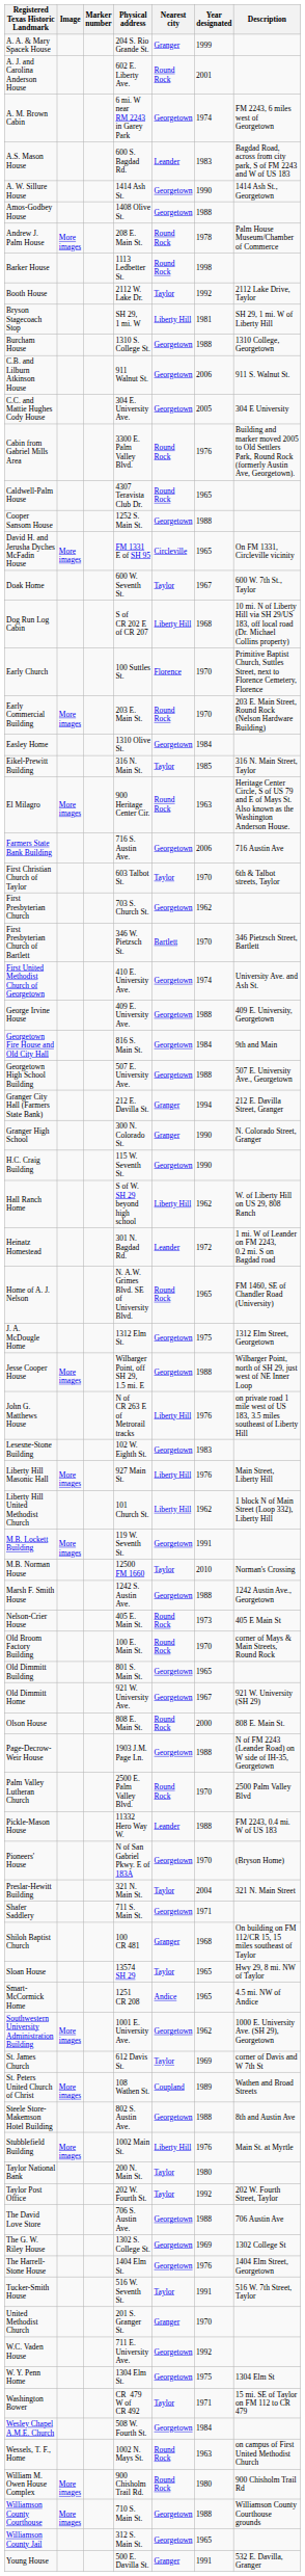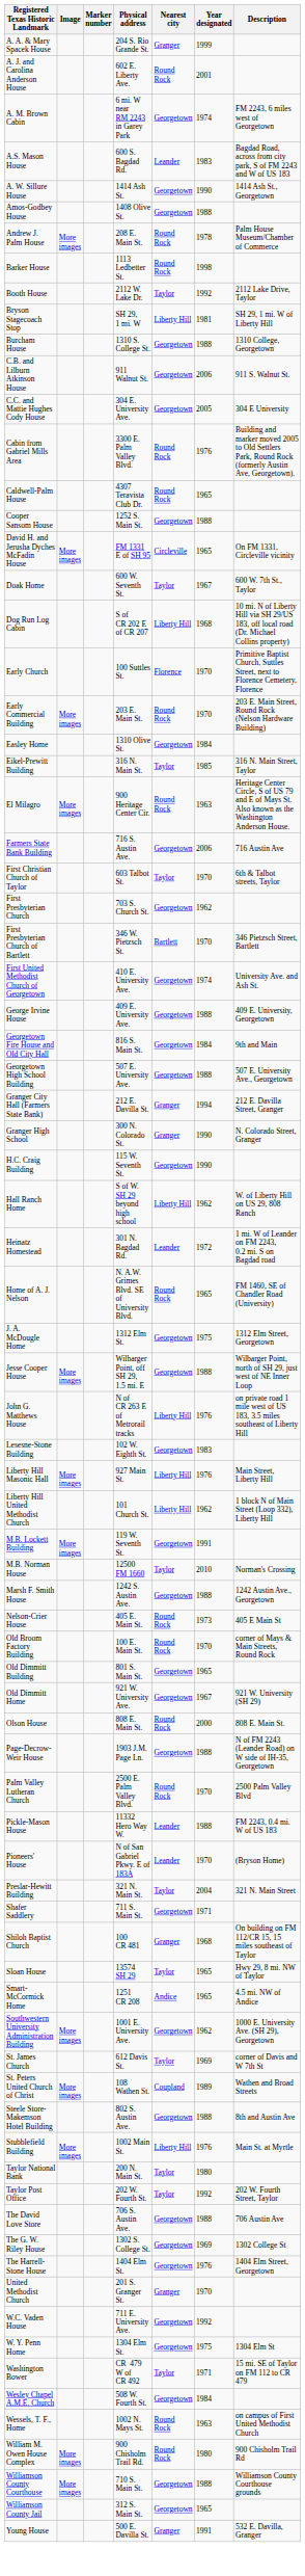 <table class="wikitable sortable">
 <tr>
 <th>Registered Texas Historic Landmark</th>
 <th>Image</th>
 <th>Marker number</th>
 <th>Physical address</th>
 <th>Nearest city</th>
 <th>Year designated</th>
 <th>Description</th>
 </tr>
 <tr>
 <td>A. A. & Mary Spacek House</td>
 <td></td>
 <td></td>
 <td>204 S. Rio Grande St.<br></td>
 <td><a href='#'>Granger</a></td>
 <td>1999</td>
 <td></td>
 </tr>
 <tr>
 <td>A. J. and Carolina Anderson House</td>
 <td></td>
 <td></td>
 <td>602 E. Liberty Ave.<br></td>
 <td><a href='#'>Round Rock</a></td>
 <td>2001</td>
 <td></td>
 </tr>
 <tr>
 <td>A. M. Brown Cabin</td>
 <td></td>
 <td></td>
 <td>6 mi. W near <a href='#'>RM 2243</a> in Garey Park </td>
 <td><a href='#'>Georgetown</a></td>
 <td>1974</td>
 <td>FM 2243, 6 miles west of Georgetown</td>
 </tr>
 <tr>
 <td>A.S. Mason House</td>
 <td></td>
 <td></td>
 <td>600 S. Bagdad Rd.<br></td>
 <td><a href='#'>Leander</a></td>
 <td>1983</td>
 <td>Bagdad Road, across from city park, S of FM 2243 and W of US 183</td>
 </tr>
 <tr>
 <td>A. W. Sillure House</td>
 <td></td>
 <td></td>
 <td>1414 Ash St.<br></td>
 <td><a href='#'>Georgetown</a></td>
 <td>1990</td>
 <td>1414 Ash St., Georgetown</td>
 </tr>
 <tr>
 <td>Amos-Godbey House</td>
 <td></td>
 <td></td>
 <td>1408 Olive St.<br></td>
 <td><a href='#'>Georgetown</a></td>
 <td>1988</td>
 <td></td>
 </tr>
 <tr>
 <td>Andrew J. Palm House</td>
 <td><br> <a href='#'>More images</a></td>
 <td></td>
 <td>208 E. Main St.<br></td>
 <td><a href='#'>Round Rock</a></td>
 <td>1978</td>
 <td>Palm House Museum/Chamber of Commerce</td>
 </tr>
 <tr>
 <td>Barker House</td>
 <td></td>
 <td></td>
 <td>1113 Ledbetter St.<br></td>
 <td><a href='#'>Round Rock</a></td>
 <td>1998</td>
 <td></td>
 </tr>
 <tr>
 <td>Booth House</td>
 <td></td>
 <td></td>
 <td>2112 W. Lake Dr.<br></td>
 <td><a href='#'>Taylor</a></td>
 <td>1992</td>
 <td>2112 Lake Drive, Taylor</td>
 </tr>
 <tr>
 <td>Bryson Stagecoach Stop</td>
 <td></td>
 <td></td>
 <td>SH 29, 1 mi. W<br></td>
 <td><a href='#'>Liberty Hill</a></td>
 <td>1981</td>
 <td>SH 29, 1 mi. W of Liberty Hill</td>
 </tr>
 <tr>
 <td>Burcham House</td>
 <td></td>
 <td></td>
 <td>1310 S. College St.<br></td>
 <td><a href='#'>Georgetown</a></td>
 <td>1988</td>
 <td>1310 College, Georgetown</td>
 </tr>
 <tr>
 <td>C.B. and Lilburn Atkinson House</td>
 <td></td>
 <td></td>
 <td>911 Walnut St.<br></td>
 <td><a href='#'>Georgetown</a></td>
 <td>2006</td>
 <td>911 S. Walnut St.</td>
 </tr>
 <tr>
 <td>C.C. and Mattie Hughes Cody House</td>
 <td></td>
 <td></td>
 <td>304 E. University Ave.<br></td>
 <td><a href='#'>Georgetown</a></td>
 <td>2005</td>
 <td>304 E University</td>
 </tr>
 <tr>
 <td>Cabin from Gabriel Mills Area</td>
 <td></td>
 <td></td>
 <td>3300 E. Palm Valley Blvd.<br></td>
 <td><a href='#'>Round Rock</a></td>
 <td>1976</td>
 <td>Building and marker moved 2005 to Old Settlers Park, Round Rock (formerly Austin Ave, Georgetown).</td>
 </tr>
 <tr>
 <td>Caldwell-Palm House</td>
 <td></td>
 <td></td>
 <td>4307 Teravista Club Dr. <br></td>
 <td><a href='#'>Round Rock</a></td>
 <td>1965</td>
 <td></td>
 </tr>
 <tr>
 <td>Cooper Sansom House</td>
 <td></td>
 <td></td>
 <td>1252 S. Main St.<br></td>
 <td><a href='#'>Georgetown</a></td>
 <td>1988</td>
 <td></td>
 </tr>
 <tr>
 <td>David H. and Jerusha Dyches McFadin House</td>
 <td><br> <a href='#'>More images</a></td>
 <td></td>
 <td><a href='#'>FM 1331</a> E of <a href='#'>SH 95</a><br></td>
 <td><a href='#'>Circleville</a></td>
 <td>1965</td>
 <td>On FM 1331, Circleville vicinity</td>
 </tr>
 <tr>
 <td>Doak Home</td>
 <td></td>
 <td></td>
 <td>600 W. Seventh St.<br></td>
 <td><a href='#'>Taylor</a></td>
 <td>1967</td>
 <td>600 W. 7th St., Taylor</td>
 </tr>
 <tr>
 <td>Dog Run Log Cabin</td>
 <td></td>
 <td></td>
 <td>S of CR 202 E of CR 207<br></td>
 <td><a href='#'>Liberty Hill</a></td>
 <td>1968</td>
 <td>10 mi. N of Liberty Hill via SH 29/US 183, off local road (Dr. Michael Collins property)</td>
 </tr>
 <tr>
 <td>Early Church</td>
 <td></td>
 <td></td>
 <td>100 Suttles St.<br></td>
 <td><a href='#'>Florence</a></td>
 <td>1970</td>
 <td>Primitive Baptist Church, Suttles Street, next to Florence Cemetery, Florence</td>
 </tr>
 <tr>
 <td>Early Commercial Building</td>
 <td><br> <a href='#'>More images</a></td>
 <td></td>
 <td>203 E. Main St.<br></td>
 <td><a href='#'>Round Rock</a></td>
 <td>1970</td>
 <td>203 E. Main Street, Round Rock (Nelson Hardware Building)</td>
 </tr>
 <tr>
 <td>Easley Home</td>
 <td></td>
 <td></td>
 <td>1310 Olive St.<br></td>
 <td><a href='#'>Georgetown</a></td>
 <td>1984</td>
 <td></td>
 </tr>
 <tr>
 <td>Eikel-Prewitt Building</td>
 <td></td>
 <td></td>
 <td>316 N. Main St.<br></td>
 <td><a href='#'>Taylor</a></td>
 <td>1985</td>
 <td>316 N. Main Street, Taylor</td>
 </tr>
 <tr>
 <td>El Milagro</td>
 <td><br> <a href='#'>More images</a></td>
 <td></td>
 <td>900 Heritage Center Cir. <br></td>
 <td><a href='#'>Round Rock</a></td>
 <td>1963</td>
 <td>Heritage Center Circle, S of US 79 and E of Mays St. Also known as the Washington Anderson House.</td>
 </tr>
 <tr>
 <td><a href='#'>Farmers State Bank Building</a></td>
 <td></td>
 <td></td>
 <td>716 S. Austin Ave.<br></td>
 <td><a href='#'>Georgetown</a></td>
 <td>2006</td>
 <td>716 Austin Ave</td>
 </tr>
 <tr>
 <td>First Christian Church of Taylor</td>
 <td></td>
 <td></td>
 <td>603 Talbot St.<br></td>
 <td><a href='#'>Taylor</a></td>
 <td>1970</td>
 <td>6th & Talbot streets, Taylor</td>
 </tr>
 <tr>
 <td>First Presbyterian Church</td>
 <td></td>
 <td></td>
 <td>703 S. Church St.<br></td>
 <td><a href='#'>Georgetown</a></td>
 <td>1962</td>
 <td></td>
 </tr>
 <tr>
 <td>First Presbyterian Church of Bartlett</td>
 <td></td>
 <td></td>
 <td>346 W. Pietzsch St.<br></td>
 <td><a href='#'>Bartlett</a></td>
 <td>1970</td>
 <td>346 Pietzsch Street, Bartlett</td>
 </tr>
 <tr>
 <td><a href='#'>First United Methodist Church of Georgetown</a></td>
 <td></td>
 <td></td>
 <td>410 E. University Ave.<br></td>
 <td><a href='#'>Georgetown</a></td>
 <td>1974</td>
 <td>University Ave. and Ash St.</td>
 </tr>
 <tr>
 <td>George Irvine House</td>
 <td></td>
 <td></td>
 <td>409 E. University Ave.<br></td>
 <td><a href='#'>Georgetown</a></td>
 <td>1988</td>
 <td>409 E. University, Georgetown</td>
 </tr>
 <tr>
 <td><a href='#'>Georgetown Fire House and Old City Hall</a></td>
 <td></td>
 <td></td>
 <td>816 S. Main St.<br></td>
 <td><a href='#'>Georgetown</a></td>
 <td>1984</td>
 <td>9th and Main</td>
 </tr>
 <tr>
 <td>Georgetown High School Building</td>
 <td></td>
 <td></td>
 <td>507 E. University Ave.<br></td>
 <td><a href='#'>Georgetown</a></td>
 <td>1988</td>
 <td>507 E. University Ave., Georgetown</td>
 </tr>
 <tr>
 <td>Granger City Hall (Farmers State Bank)</td>
 <td></td>
 <td></td>
 <td>212 E. Davilla St.<br></td>
 <td><a href='#'>Granger</a></td>
 <td>1994</td>
 <td>212 E. Davilla Street, Granger</td>
 </tr>
 <tr>
 <td>Granger High School</td>
 <td></td>
 <td></td>
 <td>300 N. Colorado St.<br></td>
 <td><a href='#'>Granger</a></td>
 <td>1990</td>
 <td>N. Colorado Street, Granger</td>
 </tr>
 <tr>
 <td>H.C. Craig Building</td>
 <td></td>
 <td></td>
 <td>115 W. Seventh St.<br></td>
 <td><a href='#'>Georgetown</a></td>
 <td>1990</td>
 <td></td>
 </tr>
 <tr>
 <td>Hall Ranch Home</td>
 <td></td>
 <td></td>
 <td>S of W. <a href='#'>SH 29</a> beyond high school<br></td>
 <td><a href='#'>Liberty Hill</a></td>
 <td>1962</td>
 <td>W. of Liberty Hill on US 29, 808 Ranch</td>
 </tr>
 <tr>
 <td>Heinatz Homestead</td>
 <td></td>
 <td></td>
 <td>301 N. Bagdad Rd.<br></td>
 <td><a href='#'>Leander</a></td>
 <td>1972</td>
 <td>1 mi. W of Leander on FM 2243, 0.2 mi. S on Bagdad road</td>
 </tr>
 <tr>
 <td>Home of A. J. Nelson</td>
 <td></td>
 <td></td>
 <td>N. A.W. Grimes Blvd. SE of University Blvd.<br></td>
 <td><a href='#'>Round Rock</a></td>
 <td>1965</td>
 <td>FM 1460, SE of Chandler Road (University)</td>
 </tr>
 <tr>
 <td>J. A. McDougle Home</td>
 <td></td>
 <td></td>
 <td>1312 Elm St.<br></td>
 <td><a href='#'>Georgetown</a></td>
 <td>1975</td>
 <td>1312 Elm Street, Georgetown</td>
 </tr>
 <tr>
 <td>Jesse Cooper House</td>
 <td><br> <a href='#'>More images</a></td>
 <td></td>
 <td>Wilbarger Point, off SH 29, 1.5 mi. E<br></td>
 <td><a href='#'>Georgetown</a></td>
 <td>1988</td>
 <td>Wilbarger Point, north of SH 29, just west of NE Inner Loop</td>
 </tr>
 <tr>
 <td>John G. Matthews House</td>
 <td></td>
 <td></td>
 <td>N of CR 263 E of Metrorail tracks<br></td>
 <td><a href='#'>Liberty Hill</a></td>
 <td>1976</td>
 <td>on private road 1 mile west of US 183, 3.5 miles southeast of Liberty Hill</td>
 </tr>
 <tr>
 <td>Lesesne-Stone Building</td>
 <td></td>
 <td></td>
 <td>102 W. Eighth St.<br></td>
 <td><a href='#'>Georgetown</a></td>
 <td>1983</td>
 <td></td>
 </tr>
 <tr>
 <td>Liberty Hill Masonic Hall</td>
 <td><br> <a href='#'>More images</a></td>
 <td></td>
 <td>927 Main St.<br></td>
 <td><a href='#'>Liberty Hill</a></td>
 <td>1976</td>
 <td>Main Street, Liberty Hill</td>
 </tr>
 <tr>
 <td>Liberty Hill United Methodist Church</td>
 <td></td>
 <td></td>
 <td>101 Church St.<br></td>
 <td><a href='#'>Liberty Hill</a></td>
 <td>1962</td>
 <td>1 block N of Main Street (Loop 332), Liberty Hill</td>
 </tr>
 <tr>
 <td><a href='#'>M.B. Lockett Building</a></td>
 <td><br> <a href='#'>More images</a></td>
 <td></td>
 <td>119 W. Seventh St.<br></td>
 <td><a href='#'>Georgetown</a></td>
 <td>1991</td>
 <td></td>
 </tr>
 <tr>
 <td>M.B. Norman House</td>
 <td></td>
 <td></td>
 <td>12500 <a href='#'>FM 1660</a><br></td>
 <td><a href='#'>Taylor</a></td>
 <td>2010</td>
 <td>Norman's Crossing</td>
 </tr>
 <tr>
 <td>Marsh F. Smith House</td>
 <td></td>
 <td></td>
 <td>1242 S. Austin Ave.<br></td>
 <td><a href='#'>Georgetown</a></td>
 <td>1988</td>
 <td>1242 Austin Ave., Georgetown</td>
 </tr>
 <tr>
 <td>Nelson-Crier House</td>
 <td></td>
 <td></td>
 <td>405 E. Main St.<br></td>
 <td><a href='#'>Round Rock</a></td>
 <td>1973</td>
 <td>405 E Main St</td>
 </tr>
 <tr>
 <td>Old Broom Factory Building</td>
 <td></td>
 <td></td>
 <td>100 E. Main St.<br></td>
 <td><a href='#'>Round Rock</a></td>
 <td>1970</td>
 <td>corner of Mays & Main Streets, Round Rock</td>
 </tr>
 <tr>
 <td>Old Dimmitt Building</td>
 <td></td>
 <td></td>
 <td>801 S. Main St.<br></td>
 <td><a href='#'>Georgetown</a></td>
 <td>1965</td>
 <td></td>
 </tr>
 <tr>
 <td>Old Dimmitt Home</td>
 <td></td>
 <td></td>
 <td>921 W. University Ave.<br></td>
 <td><a href='#'>Georgetown</a></td>
 <td>1967</td>
 <td>921 W. University (SH 29)</td>
 </tr>
 <tr>
 <td>Olson House</td>
 <td></td>
 <td></td>
 <td>808 E. Main St.<br></td>
 <td><a href='#'>Round Rock</a></td>
 <td>2000</td>
 <td>808 E. Main St.</td>
 </tr>
 <tr>
 <td>Page-Decrow-Weir House</td>
 <td></td>
 <td></td>
 <td>1903 J.M. Page Ln.<br></td>
 <td><a href='#'>Georgetown</a></td>
 <td>1988</td>
 <td>N of FM 2243 (Leander Road) on W side of IH-35, Georgetown</td>
 </tr>
 <tr>
 <td>Palm Valley Lutheran Church</td>
 <td></td>
 <td></td>
 <td>2500 E. Palm Valley Blvd.<br></td>
 <td><a href='#'>Round Rock</a></td>
 <td>1970</td>
 <td>2500 Palm Valley Blvd</td>
 </tr>
 <tr>
 <td>Pickle-Mason House</td>
 <td></td>
 <td></td>
 <td>11332 Hero Way W.<br></td>
 <td><a href='#'>Leander</a></td>
 <td>1988</td>
 <td>FM 2243, 0.4 mi. W of US 183</td>
 </tr>
 <tr>
 <td>Pioneers' House</td>
 <td></td>
 <td></td>
 <td>N of San Gabriel Pkwy. E of <a href='#'>183A</a><br></td>
-<td><a href='#'>Georgetown</a></td>
+<td><a href='#'>Leander</a></td>
 <td>1970</td>
 <td>(Bryson Home)</td>
 </tr>
 <tr>
 <td>Preslar-Hewitt Building</td>
 <td></td>
 <td></td>
 <td>321 N. Main St.<br></td>
 <td><a href='#'>Taylor</a></td>
 <td>2004</td>
 <td>321 N. Main Street</td>
 </tr>
 <tr>
 <td>Shafer Saddlery</td>
 <td></td>
 <td></td>
 <td>711 S. Main St.<br></td>
 <td><a href='#'>Georgetown</a></td>
 <td>1971</td>
 <td></td>
 </tr>
 <tr>
 <td>Shiloh Baptist Church</td>
 <td></td>
 <td></td>
 <td>100 CR 481<br></td>
 <td><a href='#'>Granger</a></td>
 <td>1968</td>
 <td>On building on FM 112/CR 15, 15 miles southeast of Taylor</td>
 </tr>
 <tr>
 <td>Sloan House</td>
 <td></td>
 <td></td>
 <td>13574 <a href='#'>SH 29</a><br></td>
 <td><a href='#'>Taylor</a></td>
 <td>1965</td>
 <td>Hwy 29, 8 mi. NW of Taylor</td>
 </tr>
 <tr>
 <td>Smart-McCormick Home</td>
 <td></td>
 <td></td>
 <td>1251 CR 208<br></td>
 <td><a href='#'>Andice</a></td>
 <td>1965</td>
 <td>4.5 mi. NW of Andice</td>
 </tr>
 <tr>
 <td><a href='#'>Southwestern University Administration Building</a></td>
 <td><br> <a href='#'>More images</a></td>
 <td></td>
 <td>1001 E. University Ave.<br></td>
 <td><a href='#'>Georgetown</a></td>
 <td>1962</td>
 <td>1000 E. University Ave. (SH 29), Georgetown</td>
 </tr>
 <tr>
 <td>St. James Church</td>
 <td></td>
 <td></td>
 <td>612 Davis St.<br></td>
 <td><a href='#'>Taylor</a></td>
 <td>1969</td>
 <td>corner of Davis and W 7th St</td>
 </tr>
 <tr>
 <td>St. Peters United Church of Christ</td>
 <td><br> <a href='#'>More images</a></td>
 <td></td>
 <td>108 Wathen St.<br></td>
 <td><a href='#'>Coupland</a></td>
 <td>1989</td>
 <td>Wathen and Broad Streets</td>
 </tr>
 <tr>
 <td>Steele Store-Makemson Hotel Building</td>
 <td></td>
 <td></td>
 <td>802 S. Austin Ave.<br></td>
 <td><a href='#'>Georgetown</a></td>
 <td>1988</td>
 <td>8th and Austin Ave</td>
 </tr>
 <tr>
 <td>Stubblefield Building</td>
 <td><br> <a href='#'>More images</a></td>
 <td></td>
 <td>1002 Main St.<br></td>
 <td><a href='#'>Liberty Hill</a></td>
 <td>1976</td>
 <td>Main St. at Myrtle</td>
 </tr>
 <tr>
 <td>Taylor National Bank</td>
 <td></td>
 <td></td>
 <td>200 N. Main St.<br></td>
 <td><a href='#'>Taylor</a></td>
 <td>1980</td>
 <td></td>
 </tr>
 <tr>
 <td>Taylor Post Office</td>
 <td></td>
 <td></td>
 <td>202 W. Fourth St.<br></td>
 <td><a href='#'>Taylor</a></td>
 <td>1992</td>
 <td>202 W. Fourth Street, Taylor</td>
 </tr>
 <tr>
 <td>The David Love Store</td>
 <td></td>
 <td></td>
 <td>706 S. Austin Ave.<br></td>
 <td><a href='#'>Georgetown</a></td>
 <td>1988</td>
 <td>706 Austin Ave</td>
 </tr>
 <tr>
 <td>The G. W. Riley House</td>
 <td></td>
 <td></td>
 <td>1302 S. College St.<br></td>
 <td><a href='#'>Georgetown</a></td>
 <td>1969</td>
 <td>1302 College St</td>
 </tr>
 <tr>
 <td>The Harrell-Stone House</td>
 <td></td>
 <td></td>
 <td>1404 Elm St.<br></td>
 <td><a href='#'>Georgetown</a></td>
 <td>1976</td>
 <td>1404 Elm Street, Georgetown</td>
 </tr>
 <tr>
-<td>Tucker-Smith House</td>
-<td></td>
-<td></td>
-<td>516 W. Seventh St.<br></td>
-<td><a href='#'>Taylor</a></td>
-<td>1991</td>
-<td>516 W. 7th Street, Taylor</td>
-</tr>
-<tr>
 <td>United Methodist Church</td>
 <td></td>
 <td></td>
 <td>201 S. Granger St.<br></td>
 <td><a href='#'>Granger</a></td>
 <td>1970</td>
 <td></td>
 </tr>
 <tr>
 <td>W.C. Vaden House</td>
 <td></td>
 <td></td>
 <td>711 E. University Ave.<br></td>
 <td><a href='#'>Georgetown</a></td>
 <td>1992</td>
 <td></td>
 </tr>
 <tr>
 <td>W. Y. Penn Home</td>
 <td></td>
 <td></td>
 <td>1304 Elm St.<br></td>
 <td><a href='#'>Georgetown</a></td>
 <td>1975</td>
 <td>1304 Elm St</td>
 </tr>
 <tr>
 <td>Washington Bower</td>
 <td></td>
 <td></td>
 <td>CR  479 W of CR 492<br></td>
 <td><a href='#'>Taylor</a></td>
 <td>1971</td>
 <td>15 mi. SE of Taylor on FM 112 to CR 479</td>
 </tr>
 <tr>
 <td><a href='#'>Wesley Chapel A.M.E. Church</a></td>
 <td></td>
 <td></td>
 <td>508 W. Fourth St.<br></td>
 <td><a href='#'>Georgetown</a></td>
 <td>1984</td>
 <td></td>
 </tr>
 <tr>
 <td>Wessels, T. F., Home</td>
 <td></td>
 <td></td>
 <td>1002 N. Mays St.<br></td>
 <td><a href='#'>Round Rock</a></td>
 <td>1963</td>
 <td>on campus of First United Methodist Church</td>
 </tr>
 <tr>
 <td>William M. Owen House Complex</td>
 <td><br> <a href='#'>More images</a></td>
 <td></td>
 <td>900 Chisholm Trail Rd.<br></td>
 <td><a href='#'>Round Rock</a></td>
 <td>1980</td>
 <td>900 Chisholm Trail Rd</td>
 </tr>
 <tr>
 <td><a href='#'>Williamson County Courthouse</a></td>
 <td><br> <a href='#'>More images</a></td>
 <td></td>
 <td>710 S. Main St.<br></td>
 <td><a href='#'>Georgetown</a></td>
 <td>1988</td>
 <td>Williamson County Courthouse grounds</td>
 </tr>
 <tr>
 <td><a href='#'>Williamson County Jail</a></td>
 <td></td>
 <td></td>
 <td>312 S. Main St.<br></td>
 <td><a href='#'>Georgetown</a></td>
 <td>1965</td>
 <td></td>
 </tr>
 <tr>
 <td>Young House</td>
 <td></td>
 <td></td>
 <td>500 E. Davilla St.<br></td>
 <td><a href='#'>Granger</a></td>
 <td>1991</td>
 <td>532 E. Davilla, Granger</td>
 </tr>
 </table>
